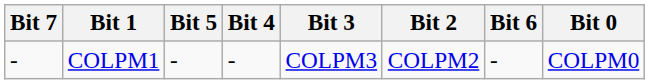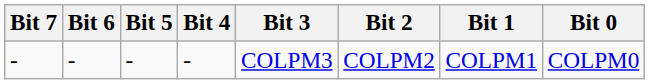 <table class="wikitable">
 <tr>
 <th>Bit 7</th>
-<th>Bit 1</th>
+<th>Bit 6</th>
 <th>Bit 5</th>
 <th>Bit 4</th>
 <th>Bit 3</th>
 <th>Bit 2</th>
-<th>Bit 6</th>
+<th>Bit 1</th>
 <th>Bit 0</th>
 </tr>
 <tr>
 <td>-</td>
-<td><a href='#'>COLPM1</a></td>
+<td>-</td>
 <td>-</td>
 <td>-</td>
 <td><a href='#'>COLPM3</a></td>
 <td><a href='#'>COLPM2</a></td>
-<td>-</td>
+<td><a href='#'>COLPM1</a></td>
 <td><a href='#'>COLPM0</a></td>
 </tr>
 </table>
